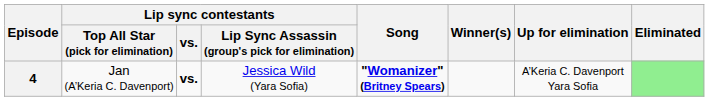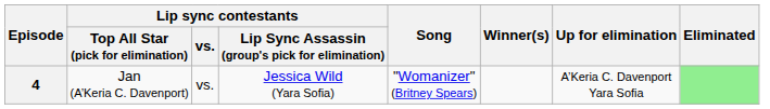 <table class="wikitable" style="text-align:center;">
 <tr>
 <th scope="col" rowspan="2">Episode</th>
 <th scope="col" colspan="3">Lip sync contestants</th>
 <th scope="col" rowspan="2">Song</th>
 <th scope="col" rowspan="2">Winner(s)</th>
 <th scope="col" rowspan="2">Up for elimination</th>
 <th scope="col" rowspan="2">Eliminated</th>
 </tr>
 <tr>
 <th scope="col">Top All Star<br><small>(pick for elimination)</small></th>
 <th scope="col">vs.</th>
 <th scope="col">Lip Sync Assassin<br><small>(group's pick for elimination)</small></th>
 </tr>
 <tr>
 <th scope="row">4</th>
 <td nowrap>Jan <br><small>(A’Keria C. Davenport)</small></td>
-<td><strong>vs.</strong></td>
+<td>vs.</td>
 <td nowrap><a href='#'>Jessica Wild</a><br><small>(Yara Sofia)</small></td>
-<td><strong>"<a href='#'>Womanizer</a>"<br> <small>(<a href='#'>Britney Spears</a>)</small></strong></td>
+<td>"<a href='#'>Womanizer</a>"<br> <small>(<a href='#'>Britney Spears</a>)</small></td>
 <td></td>
 <td nowrap><small>A’Keria C. Davenport <br> Yara Sofia</small></td>
 <td style="background:lightgreen"></td>
 </tr>
 </table>
